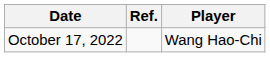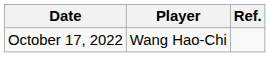 <table class="wikitable">
 <tr>
 <th>Date</th>
+<th>Player</th>
 <th>Ref.</th>
-<th>Player</th>
 </tr>
 <tr>
 <td>October 17, 2022</td>
+<td>Wang Hao-Chi</td>
 <td></td>
-<td>Wang Hao-Chi</td>
 </tr>
 </table>
